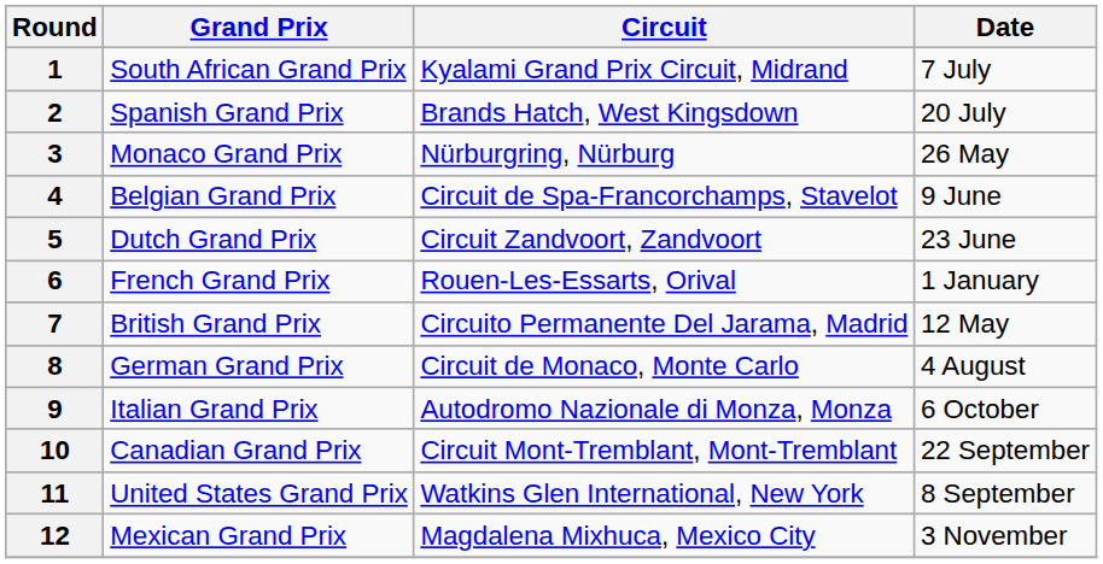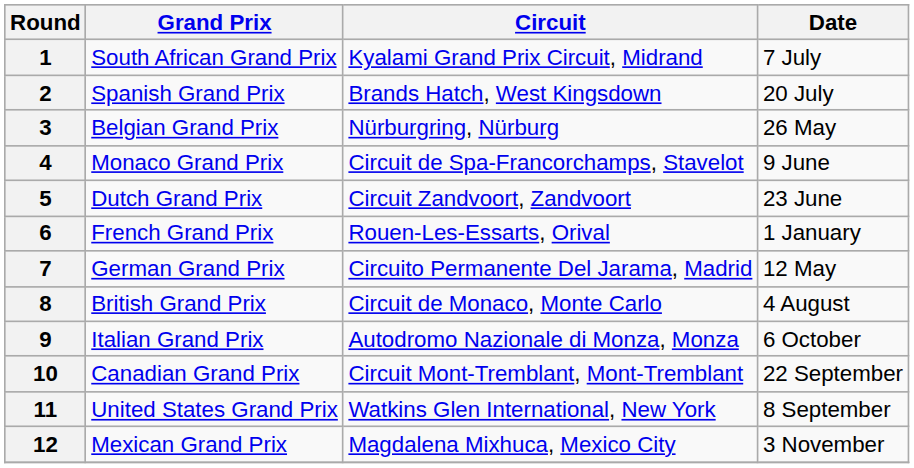 <table class="wikitable" style="font-size:85%">
 <tr>
 <th>Round</th>
 <th><a href='#'>Grand Prix</a></th>
 <th><a href='#'>Circuit</a></th>
 <th>Date</th>
 </tr>
 <tr>
 <th>1</th>
 <td><a href='#'>South African Grand Prix</a></td>
 <td> <a href='#'>Kyalami Grand Prix Circuit</a>, <a href='#'>Midrand</a></td>
 <td>7 July</td>
 </tr>
 <tr>
 <th>2</th>
 <td><a href='#'>Spanish Grand Prix</a></td>
 <td> <a href='#'>Brands Hatch</a>, <a href='#'>West Kingsdown</a></td>
 <td>20 July</td>
 </tr>
 <tr>
 <th>3</th>
-<td><a href='#'>Monaco Grand Prix</a></td>
+<td><a href='#'>Belgian Grand Prix</a></td>
 <td> <a href='#'>Nürburgring</a>, <a href='#'>Nürburg</a></td>
 <td>26 May</td>
 </tr>
 <tr>
 <th>4</th>
-<td><a href='#'>Belgian Grand Prix</a></td>
+<td><a href='#'>Monaco Grand Prix</a></td>
 <td> <a href='#'>Circuit de Spa-Francorchamps</a>, <a href='#'>Stavelot</a></td>
 <td>9 June</td>
 </tr>
 <tr>
 <th>5</th>
 <td><a href='#'>Dutch Grand Prix</a></td>
 <td> <a href='#'>Circuit Zandvoort</a>, <a href='#'>Zandvoort</a></td>
 <td>23 June</td>
 </tr>
 <tr>
 <th>6</th>
 <td><a href='#'>French Grand Prix</a></td>
 <td> <a href='#'>Rouen-Les-Essarts</a>, <a href='#'>Orival</a></td>
 <td>1 January</td>
 </tr>
 <tr>
 <th>7</th>
-<td><a href='#'>British Grand Prix</a></td>
+<td><a href='#'>German Grand Prix</a></td>
 <td> <a href='#'>Circuito Permanente Del Jarama</a>, <a href='#'>Madrid</a></td>
 <td>12 May</td>
 </tr>
 <tr>
 <th>8</th>
-<td><a href='#'>German Grand Prix</a></td>
+<td><a href='#'>British Grand Prix</a></td>
 <td> <a href='#'>Circuit de Monaco</a>, <a href='#'>Monte Carlo</a></td>
 <td>4 August</td>
 </tr>
 <tr>
 <th>9</th>
 <td><a href='#'>Italian Grand Prix</a></td>
 <td> <a href='#'>Autodromo Nazionale di Monza</a>, <a href='#'>Monza</a></td>
 <td>6 October</td>
 </tr>
 <tr>
 <th>10</th>
 <td><a href='#'>Canadian Grand Prix</a></td>
 <td> <a href='#'>Circuit Mont-Tremblant</a>, <a href='#'>Mont-Tremblant</a></td>
 <td>22 September</td>
 </tr>
 <tr>
 <th>11</th>
 <td><a href='#'>United States Grand Prix</a></td>
 <td> <a href='#'>Watkins Glen International</a>, <a href='#'>New York</a></td>
 <td>8 September</td>
 </tr>
 <tr>
 <th>12</th>
 <td><a href='#'>Mexican Grand Prix</a></td>
 <td> <a href='#'>Magdalena Mixhuca</a>, <a href='#'>Mexico City</a></td>
 <td>3 November</td>
 </tr>
 <tr>
 </tr>
 </table>
